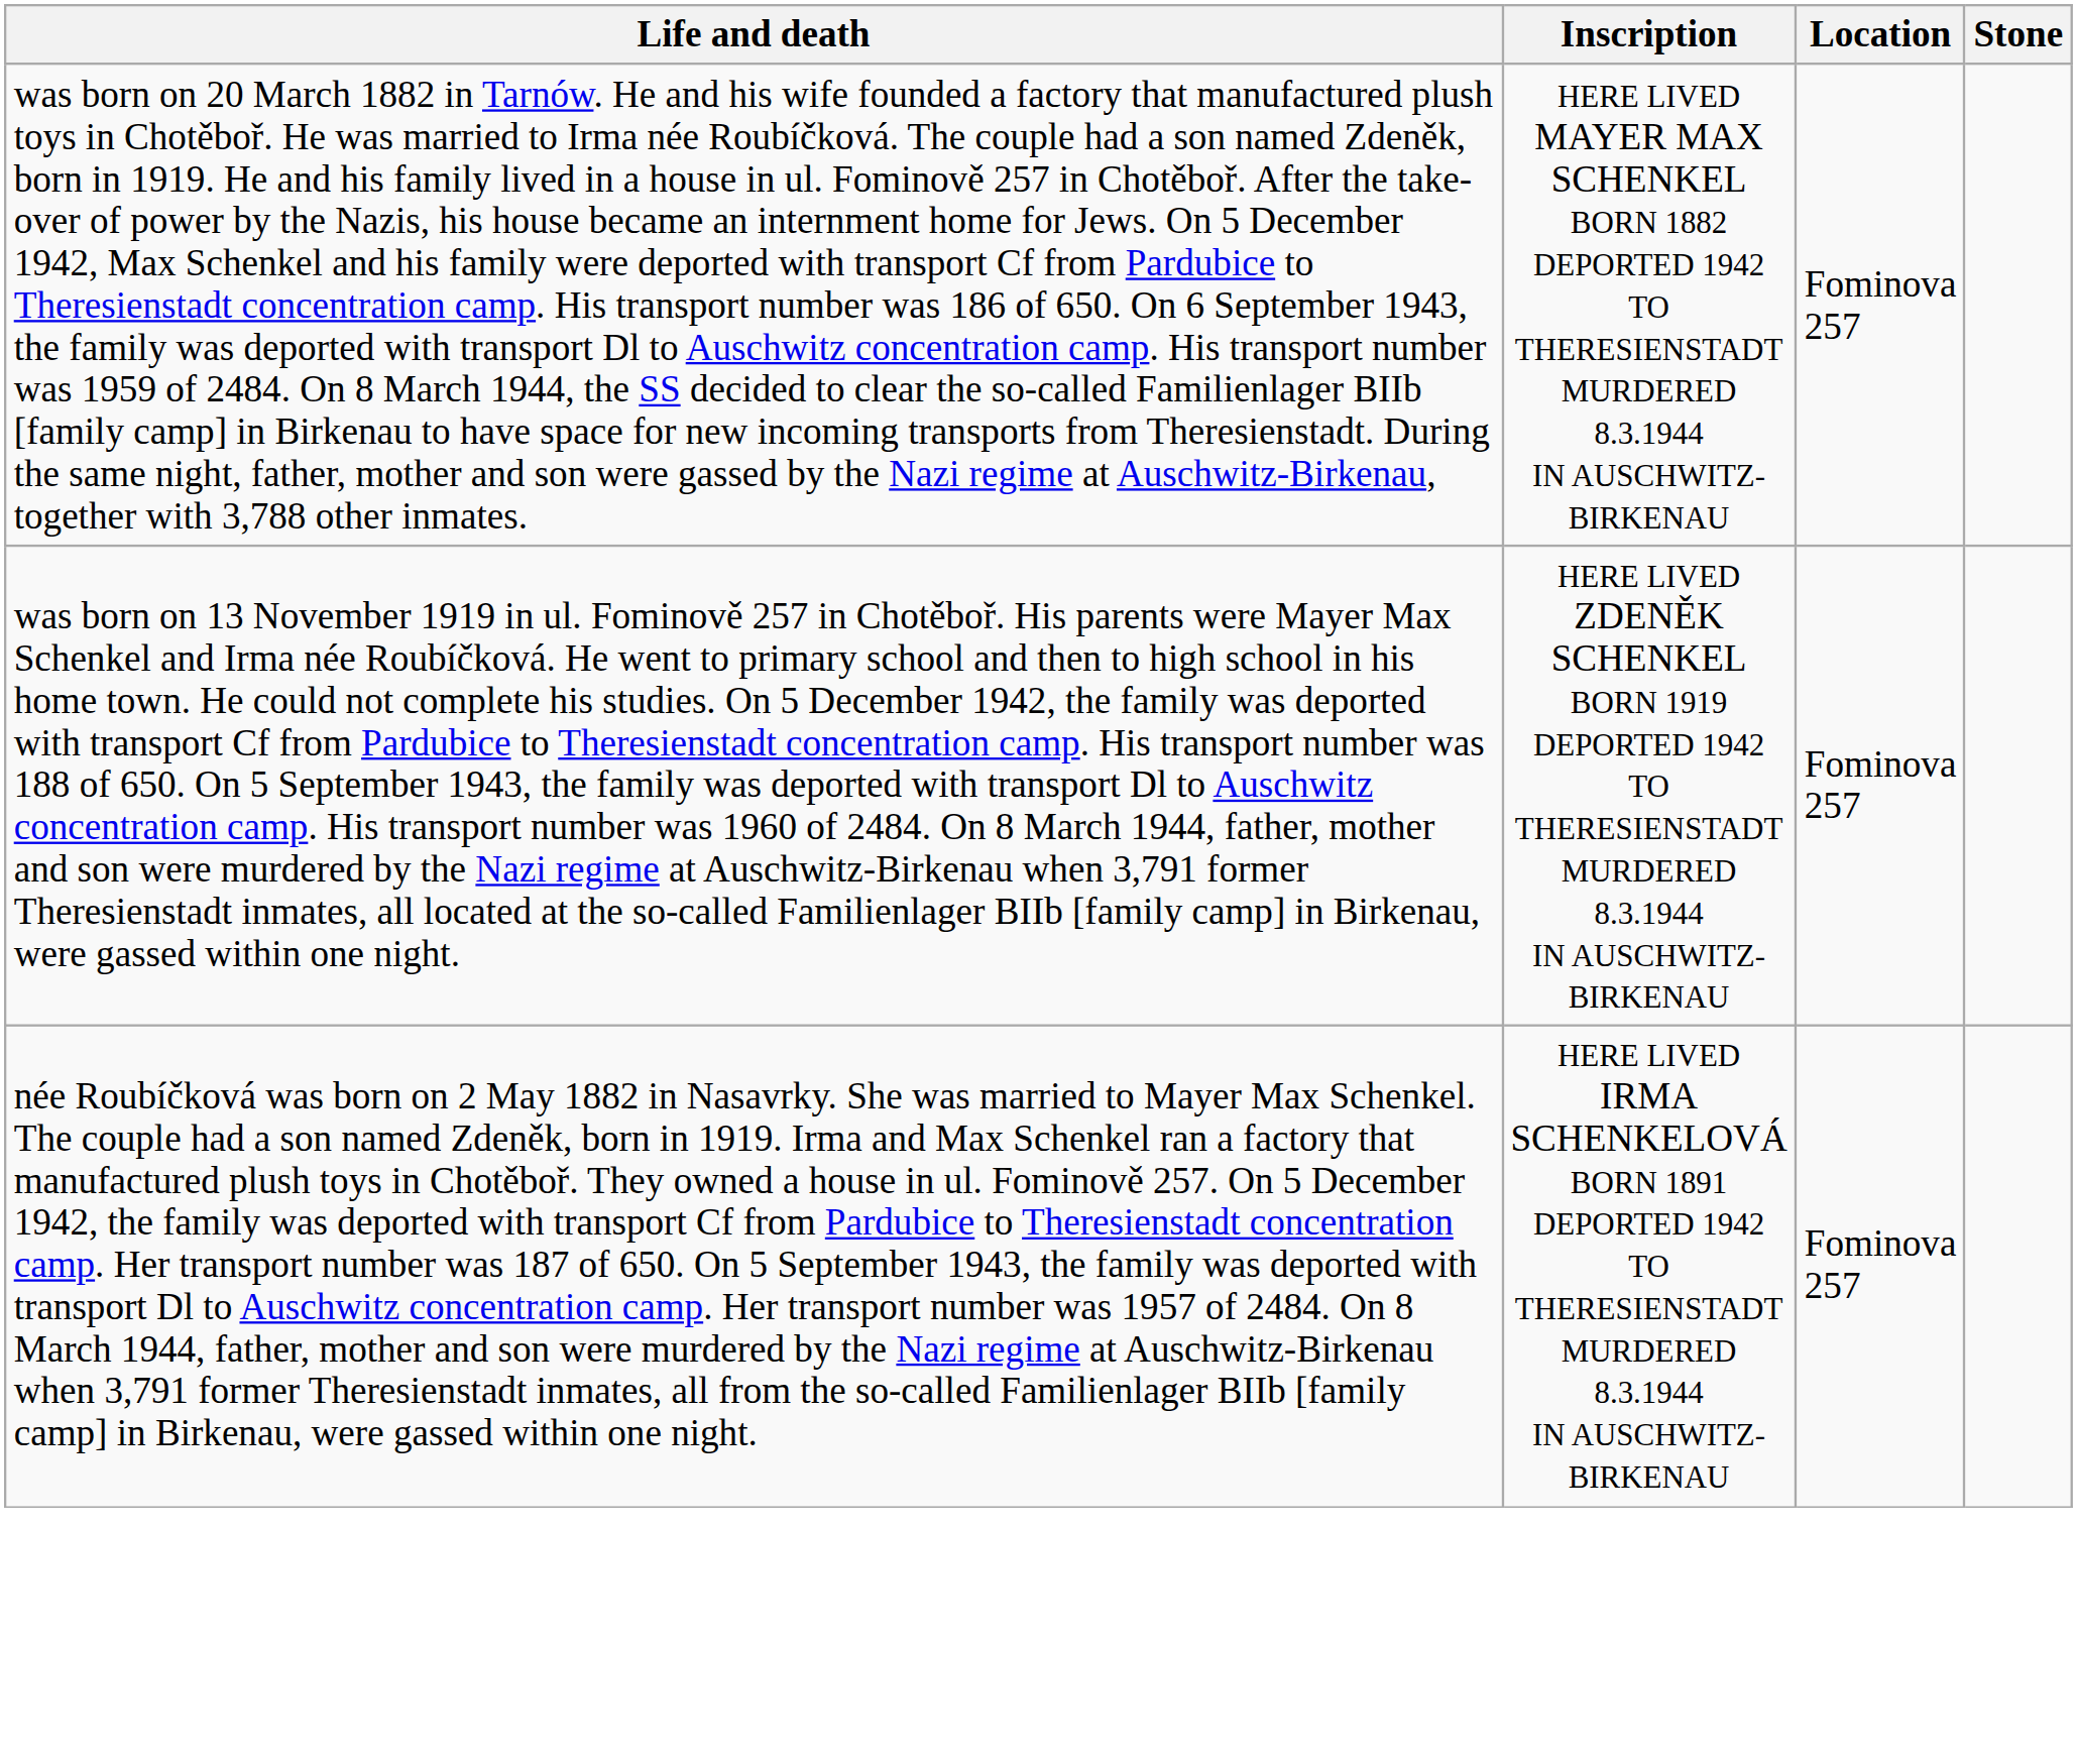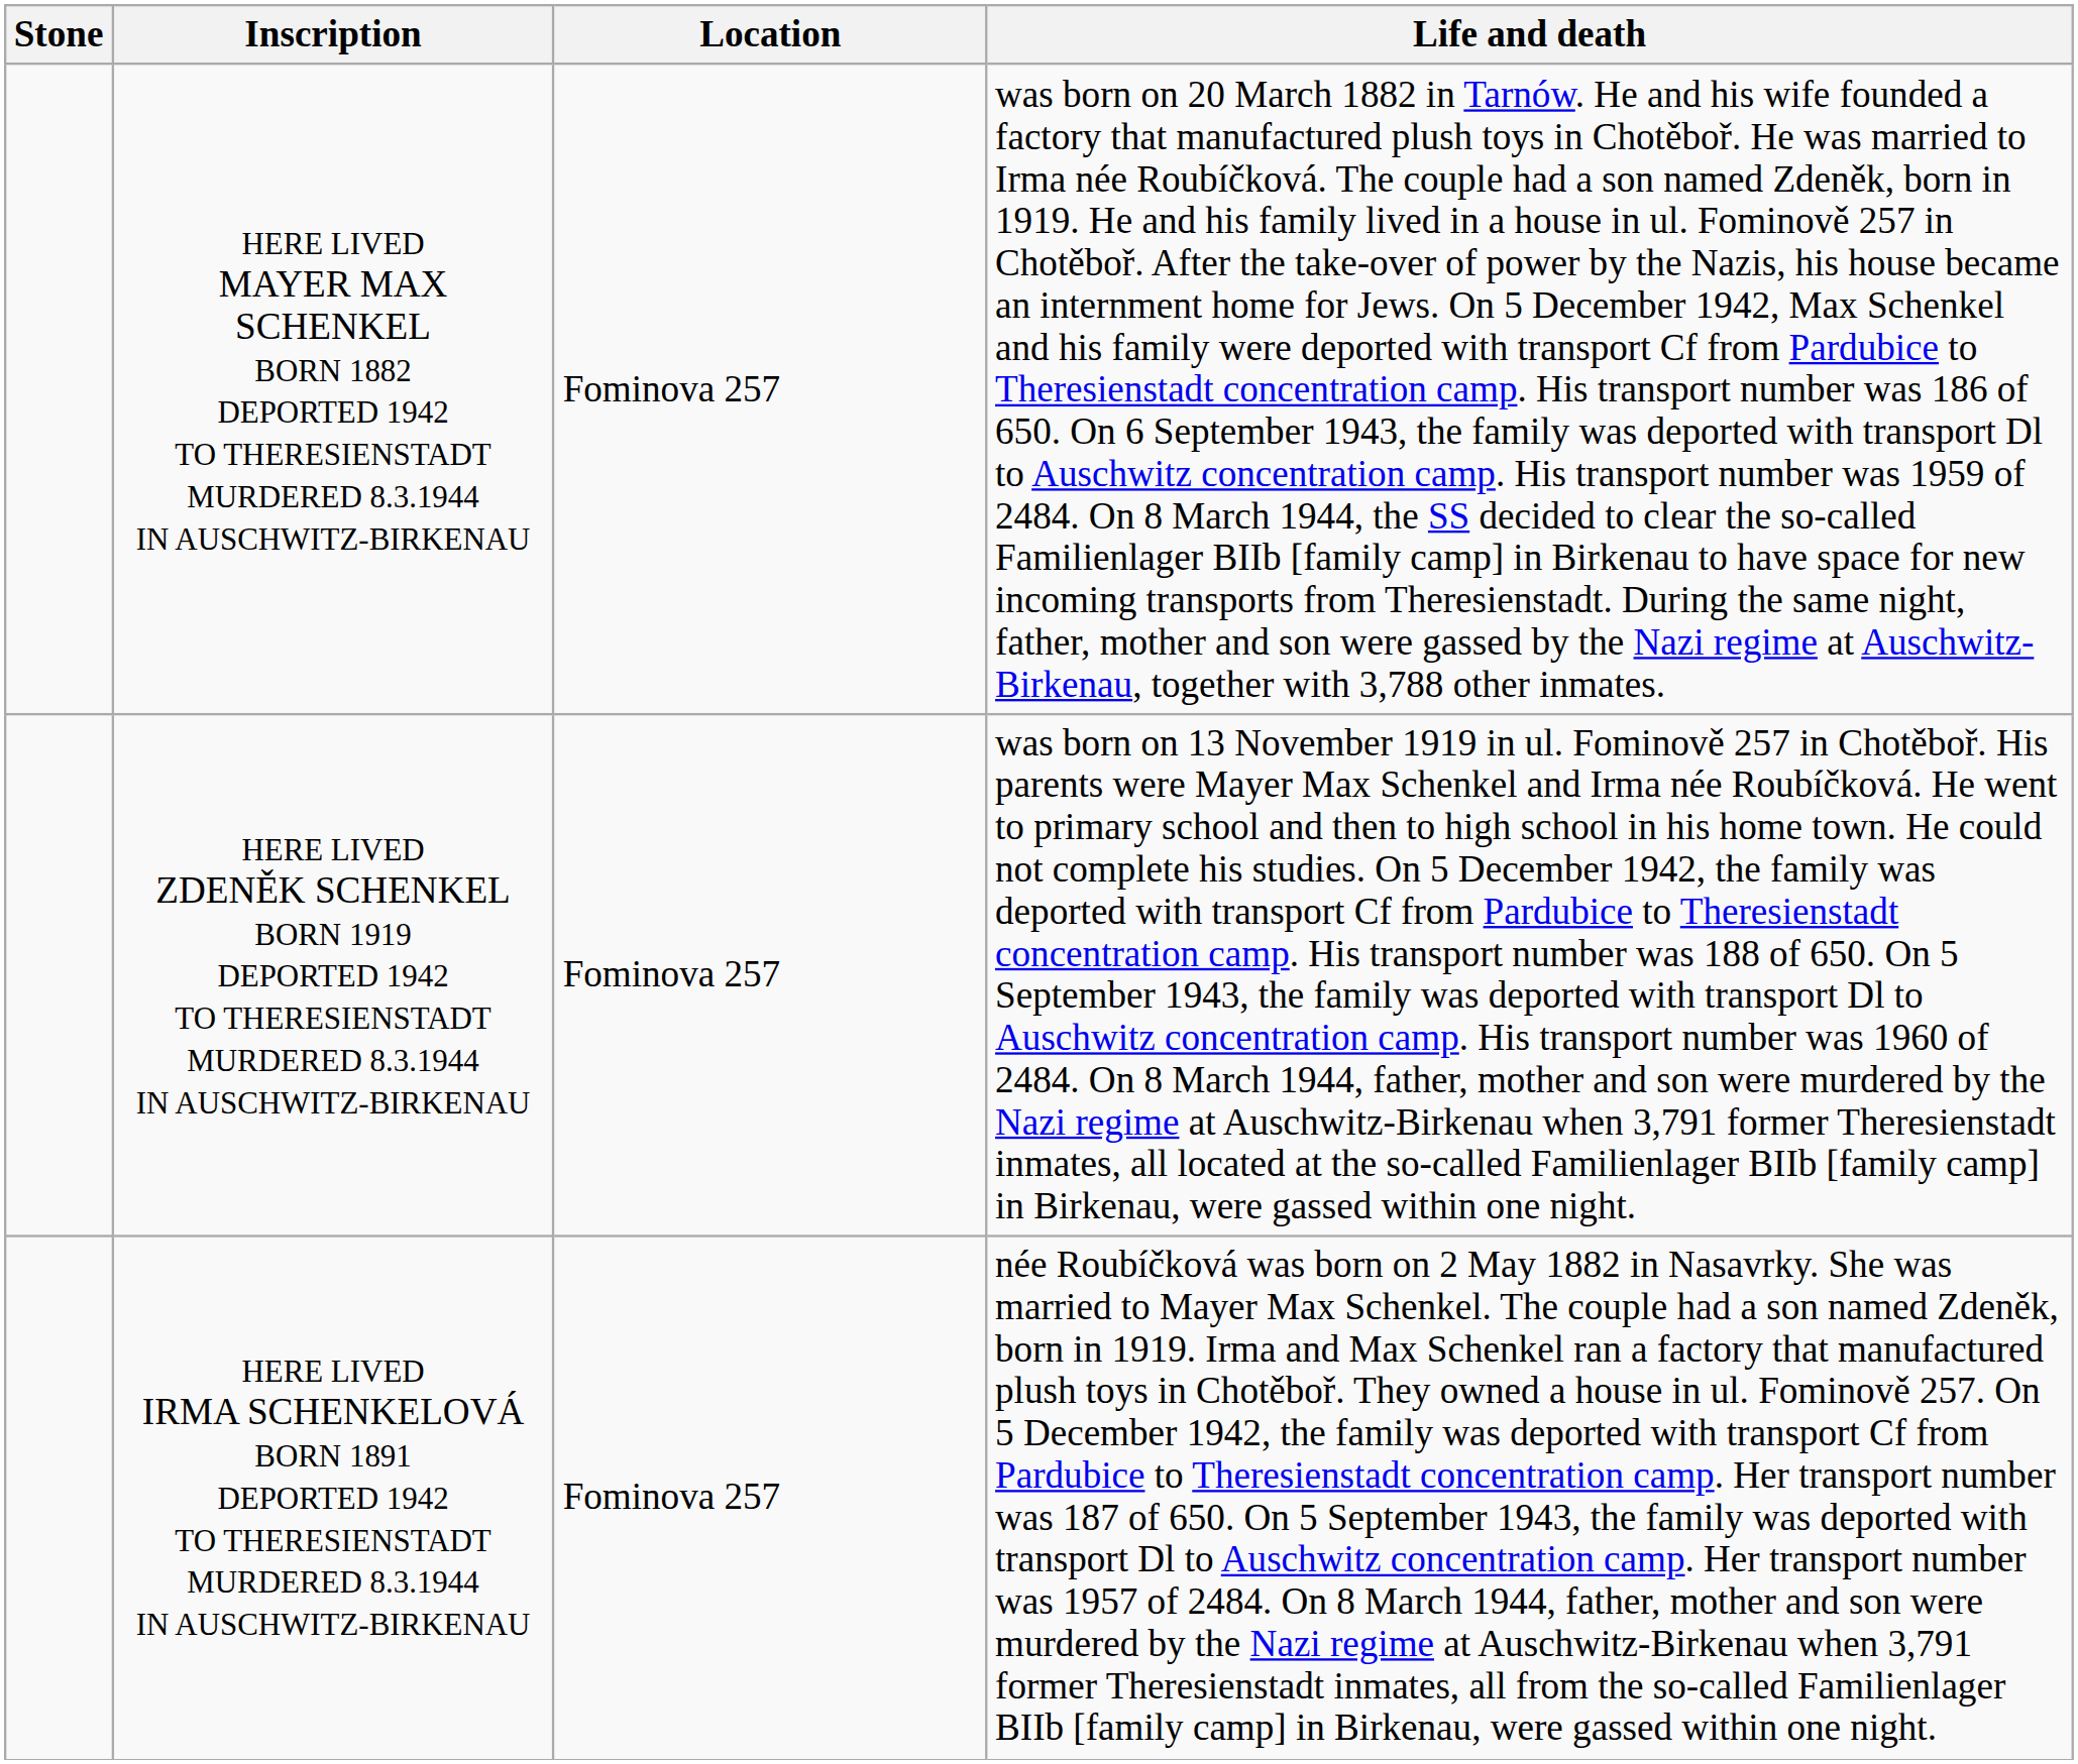 <table class="wikitable sortable toptextcells" style="width:100%">
 <tr>
-<th class="hintergrundfarbe6" style="width:100%;">Life and death</th>
+<th class="hintergrundfarbe6 unsortable" width="120px">Stone</th>
 <th class="hintergrundfarbe6 unsortable" style ="width:22%;">Inscription</th>
 <th class="hintergrundfarbe6" data-sort-type="text" style ="width:22%;">Location</th>
-<th class="hintergrundfarbe6 unsortable" width="120px">Stone</th>
+<th class="hintergrundfarbe6" style="width:100%;">Life and death</th>
 </tr>
 <tr>
-<td><strong></strong> was born on 20 March 1882 in <a href='#'>Tarnów</a>. He and his wife founded a factory that manufactured plush toys in Chotěboř. He was married to Irma née Roubíčková. The couple had a son named Zdeněk, born in 1919. He and his family lived in a house in ul. Fominově 257 in Chotěboř. After the take-over of power by the Nazis, his house became an internment home for Jews. On 5 December 1942, Max Schenkel and his family were deported with transport Cf from <a href='#'>Pardubice</a> to <a href='#'>Theresienstadt concentration camp</a>. His transport number was 186 of 650. On 6 September 1943, the family was deported with transport Dl to <a href='#'>Auschwitz concentration camp</a>. His transport number was 1959 of 2484. On 8 March 1944, the <a href='#'>SS</a> decided to clear the so-called Familienlager BIIb [family camp] in Birkenau to have space for new incoming transports from Theresienstadt. During the same night, father, mother and son were gassed by the <a href='#'>Nazi regime</a> at <a href='#'>Auschwitz-Birkenau</a>, together with 3,788 other inmates.</td>
+<td></td>
 <td style="text-align:center"><div><small>HERE LIVED</small><br>MAYER MAX<br>SCHENKEL<br><small>BORN 1882<br>DEPORTED 1942<br>TO THERESIENSTADT<br>MURDERED 8.3.1944<br>IN AUSCHWITZ-BIRKENAU</small></div></td>
 <td>Fominova 257 <br></td>
-<td></td>
+<td><strong></strong> was born on 20 March 1882 in <a href='#'>Tarnów</a>. He and his wife founded a factory that manufactured plush toys in Chotěboř. He was married to Irma née Roubíčková. The couple had a son named Zdeněk, born in 1919. He and his family lived in a house in ul. Fominově 257 in Chotěboř. After the take-over of power by the Nazis, his house became an internment home for Jews. On 5 December 1942, Max Schenkel and his family were deported with transport Cf from <a href='#'>Pardubice</a> to <a href='#'>Theresienstadt concentration camp</a>. His transport number was 186 of 650. On 6 September 1943, the family was deported with transport Dl to <a href='#'>Auschwitz concentration camp</a>. His transport number was 1959 of 2484. On 8 March 1944, the <a href='#'>SS</a> decided to clear the so-called Familienlager BIIb [family camp] in Birkenau to have space for new incoming transports from Theresienstadt. During the same night, father, mother and son were gassed by the <a href='#'>Nazi regime</a> at <a href='#'>Auschwitz-Birkenau</a>, together with 3,788 other inmates.</td>
 </tr>
 <tr>
-<td><strong></strong> was born on 13 November 1919 in ul. Fominově 257 in Chotěboř. His parents were Mayer Max Schenkel and Irma née Roubíčková. He went to primary school and then to high school in his home town. He could not complete his studies. On 5 December 1942, the family was deported with transport Cf from <a href='#'>Pardubice</a> to <a href='#'>Theresienstadt concentration camp</a>. His transport number was 188 of 650. On 5 September 1943, the family was deported with transport Dl to <a href='#'>Auschwitz concentration camp</a>. His transport number was 1960 of 2484. On 8 March 1944, father, mother and son were murdered by the <a href='#'>Nazi regime</a> at Auschwitz-Birkenau when 3,791 former Theresienstadt inmates, all located at the so-called Familienlager BIIb [family camp] in Birkenau, were gassed within one night.</td>
+<td></td>
 <td style="text-align:center"><div><small>HERE LIVED</small><br>ZDENĚK SCHENKEL<br><small>BORN 1919<br>DEPORTED 1942<br>TO THERESIENSTADT<br>MURDERED 8.3.1944<br>IN AUSCHWITZ-BIRKENAU</small></div></td>
 <td>Fominova 257 <br></td>
-<td></td>
+<td><strong></strong> was born on 13 November 1919 in ul. Fominově 257 in Chotěboř. His parents were Mayer Max Schenkel and Irma née Roubíčková. He went to primary school and then to high school in his home town. He could not complete his studies. On 5 December 1942, the family was deported with transport Cf from <a href='#'>Pardubice</a> to <a href='#'>Theresienstadt concentration camp</a>. His transport number was 188 of 650. On 5 September 1943, the family was deported with transport Dl to <a href='#'>Auschwitz concentration camp</a>. His transport number was 1960 of 2484. On 8 March 1944, father, mother and son were murdered by the <a href='#'>Nazi regime</a> at Auschwitz-Birkenau when 3,791 former Theresienstadt inmates, all located at the so-called Familienlager BIIb [family camp] in Birkenau, were gassed within one night.</td>
 </tr>
 <tr>
-<td><strong></strong> née Roubíčková was born on 2 May 1882 in Nasavrky. She was married to Mayer Max Schenkel. The couple had a son named Zdeněk, born in 1919. Irma and Max Schenkel ran a factory that manufactured plush toys in Chotěboř. They owned a house in ul. Fominově 257. On 5 December 1942, the family was deported with transport Cf from <a href='#'>Pardubice</a> to <a href='#'>Theresienstadt concentration camp</a>. Her transport number was 187 of 650. On 5 September 1943, the family was deported with transport Dl to <a href='#'>Auschwitz concentration camp</a>. Her transport number was 1957 of 2484. On 8 March 1944, father, mother and son were murdered by the <a href='#'>Nazi regime</a> at Auschwitz-Birkenau when 3,791 former Theresienstadt inmates, all from the so-called Familienlager BIIb [family camp] in Birkenau, were gassed within one night.</td>
+<td></td>
 <td style="text-align:center"><div><small>HERE LIVED</small><br>IRMA SCHENKELOVÁ<br><small>BORN 1891<br>DEPORTED 1942<br>TO THERESIENSTADT<br>MURDERED 8.3.1944<br>IN AUSCHWITZ-BIRKENAU</small></div></td>
 <td>Fominova 257 <br></td>
-<td></td>
+<td><strong></strong> née Roubíčková was born on 2 May 1882 in Nasavrky. She was married to Mayer Max Schenkel. The couple had a son named Zdeněk, born in 1919. Irma and Max Schenkel ran a factory that manufactured plush toys in Chotěboř. They owned a house in ul. Fominově 257. On 5 December 1942, the family was deported with transport Cf from <a href='#'>Pardubice</a> to <a href='#'>Theresienstadt concentration camp</a>. Her transport number was 187 of 650. On 5 September 1943, the family was deported with transport Dl to <a href='#'>Auschwitz concentration camp</a>. Her transport number was 1957 of 2484. On 8 March 1944, father, mother and son were murdered by the <a href='#'>Nazi regime</a> at Auschwitz-Birkenau when 3,791 former Theresienstadt inmates, all from the so-called Familienlager BIIb [family camp] in Birkenau, were gassed within one night.</td>
 </tr>
 </table>
